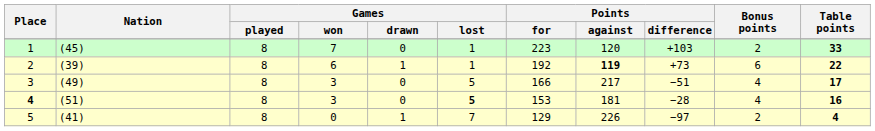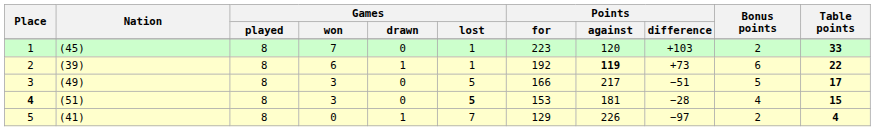 <table class="wikitable">
 <tr>
 <th rowspan=2 width="6%">Place</th>
 <th rowspan=2 width="20%">Nation</th>
 <th colspan=4 width="40%">Games</th>
 <th colspan=3 width="24%">Points</th>
 <th rowspan=2 width="10%">Bonus<br>points</th>
 <th rowspan=2 width="10%">Table<br>points</th>
 </tr>
 <tr>
 <th width="8%">played</th>
 <th width="8%">won</th>
 <th width="8%">drawn</th>
 <th width="8%">lost</th>
 <th width="8%">for</th>
 <th width="8%">against</th>
 <th width="8%">difference</th>
 </tr>
 <tr>
 </tr>
 <tr align=center bgcolor="#ccffcc">
 <td>1</td>
 <td align=left> (45)</td>
 <td>8</td>
 <td>7</td>
 <td>0</td>
 <td>1</td>
 <td>223</td>
 <td>120</td>
 <td>+103</td>
 <td>2</td>
 <td><strong>33</strong></td>
 </tr>
 <tr align=center bgcolor="#ffffcc">
 <td>2</td>
 <td align=left> (39)</td>
 <td>8</td>
 <td>6</td>
 <td>1</td>
 <td>1</td>
 <td>192</td>
 <td><strong>119</strong></td>
 <td>+73</td>
 <td>6</td>
 <td><strong>22</strong></td>
 </tr>
 <tr align=center bgcolor="#ffffcc">
 <td>3</td>
 <td align=left> (49)</td>
 <td>8</td>
 <td>3</td>
 <td>0</td>
 <td>5</td>
 <td>166</td>
 <td>217</td>
 <td>−51</td>
-<td>4</td>
+<td>5</td>
 <td><strong>17</strong></td>
 </tr>
 <tr align=center bgcolor="#ffffcc">
 <td><strong>4</strong></td>
 <td align=left> (51)</td>
 <td>8</td>
 <td>3</td>
 <td>0</td>
 <td><strong>5</strong></td>
 <td>153</td>
 <td>181</td>
 <td>−28</td>
 <td>4</td>
-<td><strong>16</strong></td>
+<td><strong>15</strong></td>
 </tr>
 <tr align=center bgcolor="#ffffcc">
 <td>5</td>
 <td align=left> (41)</td>
 <td>8</td>
 <td>0</td>
 <td>1</td>
 <td>7</td>
 <td>129</td>
 <td>226</td>
 <td>−97</td>
 <td>2</td>
 <td><strong>4</strong></td>
 </tr>
 </table>
